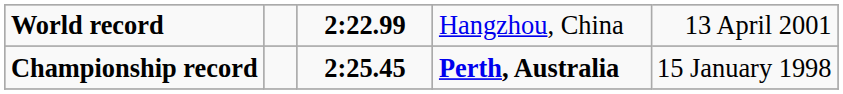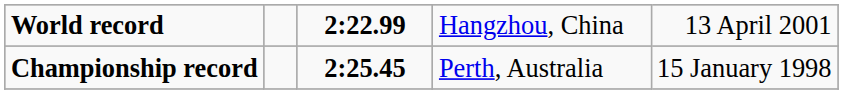 <table class="wikitable">
 <tr>
 <td><strong>World record</strong></td>
 <td style="padding-right:1em"></td>
 <td style="text-align:center;padding-left:1em; padding-right:1em;"><strong>2:22.99</strong></td>
 <td style="padding-right:1em"><a href='#'>Hangzhou</a>, China</td>
 <td align=right>13 April 2001</td>
 </tr>
 <tr>
 <td><strong>Championship record</strong></td>
 <td style="padding-right:1em"></td>
 <td style="text-align:center;padding-left:1em; padding-right:1em;"><strong>2:25.45</strong></td>
-<td style="padding-right:1em"><strong><a href='#'>Perth</a>, Australia</strong></td>
+<td style="padding-right:1em"><a href='#'>Perth</a>, Australia</td>
 <td align=right>15 January 1998</td>
 </tr>
 </table>
